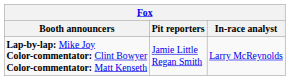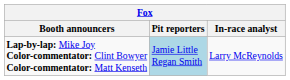 <table class="wikitable" style="font-size: 95%">
 <tr>
 <th colspan="3"><a href='#'>Fox</a></th>
 </tr>
 <tr>
 <th>Booth announcers</th>
 <th>Pit reporters</th>
 <th>In-race analyst</th>
 </tr>
 <tr>
 <td><strong>Lap-by-lap:</strong> <a href='#'>Mike Joy</a><br><strong>Color-commentator:</strong> <a href='#'>Clint Bowyer</a><br><strong>Color-commentator:</strong> <a href='#'>Matt Kenseth</a></td>
-<td><a href='#'>Jamie Little</a><br><a href='#'>Regan Smith</a></td>
+<td style="background: lightblue;"><a href='#'>Jamie Little</a><br><a href='#'>Regan Smith</a></td>
 <td><a href='#'>Larry McReynolds</a></td>
 </tr>
 </table>
